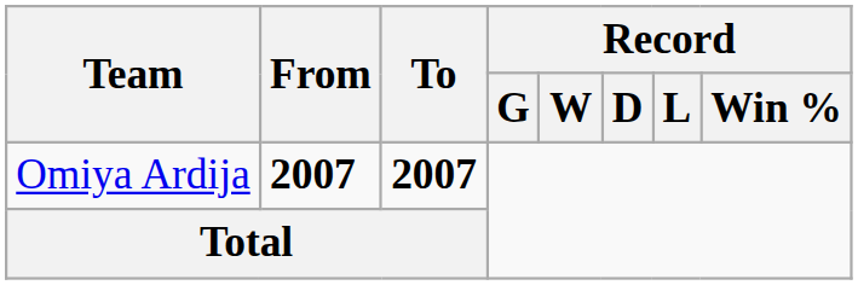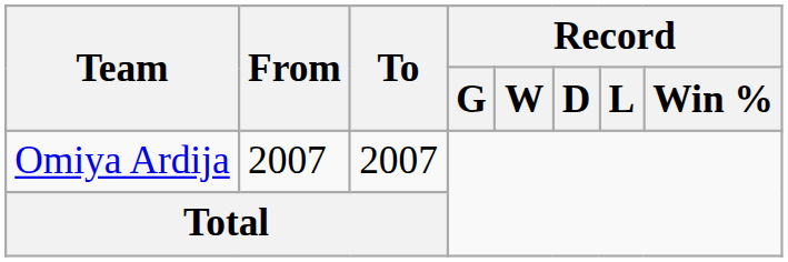 <table class="wikitable" style="text-align: center">
 <tr>
 <th rowspan="2">Team</th>
 <th rowspan="2">From</th>
 <th rowspan="2">To</th>
 <th colspan="5">Record</th>
 </tr>
 <tr>
 <th>G</th>
 <th>W</th>
 <th>D</th>
 <th>L</th>
 <th>Win %</th>
 </tr>
 <tr>
 <td align="left"><a href='#'>Omiya Ardija</a></td>
-<td align="left"><strong>2007</strong></td>
-<td align="left"><strong>2007<br></strong></td>
+<td align="left">2007</td>
+<td align="left">2007<br></td>
 </tr>
 <tr>
 <th colspan="3">Total<br></th>
 </tr>
 </table>
